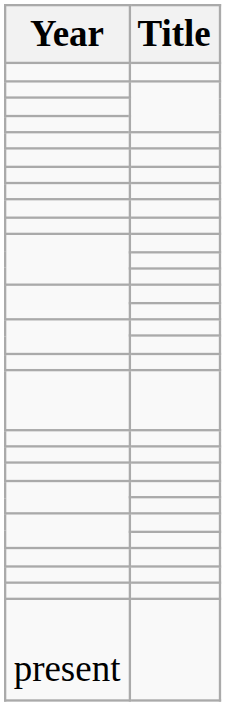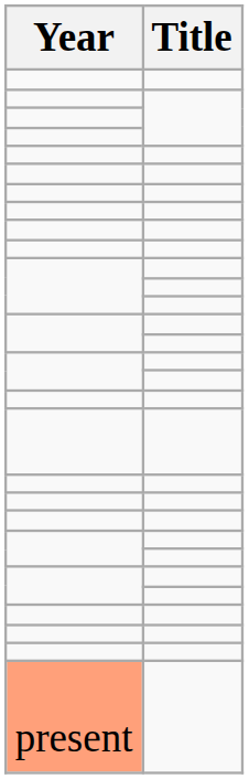 <table class="wikitable">
 <tr>
 <th>Year</th>
 <th>Title</th>
 </tr>
 <tr>
 <td></td>
 <td><em></em></td>
 </tr>
 <tr>
 <td></td>
 <td rowspan="3"><em></em></td>
 </tr>
 <tr>
 <td></td>
 </tr>
 <tr>
 <td></td>
 </tr>
 <tr>
 <td></td>
 <td><em></em></td>
 </tr>
 <tr>
 <td></td>
 <td><em></em></td>
 </tr>
 <tr>
 <td></td>
 <td><em></em></td>
 </tr>
 <tr>
 <td></td>
 <td><em></em></td>
 </tr>
 <tr>
 <td></td>
 <td><em></em></td>
 </tr>
 <tr>
 <td></td>
 <td><em></em></td>
 </tr>
 <tr>
 <td rowspan="3"></td>
 <td><em></em></td>
 </tr>
 <tr>
 <td><em></em></td>
 </tr>
 <tr>
 <td><em></em></td>
 </tr>
 <tr>
 <td rowspan="2"></td>
 <td><em></em></td>
 </tr>
 <tr>
 <td><em></em></td>
 </tr>
 <tr>
 <td rowspan="2"></td>
 <td><em></em></td>
 </tr>
 <tr>
 <td><em></em></td>
 </tr>
 <tr>
 <td></td>
 <td><em></em></td>
 </tr>
 <tr>
 <td><br></td>
 <td><em></em></td>
 </tr>
 <tr>
 <td></td>
 <td><em></em></td>
 </tr>
 <tr>
 <td></td>
 <td><em></em></td>
 </tr>
 <tr>
 <td></td>
 <td><em></em></td>
 </tr>
 <tr>
 <td rowspan="2"></td>
 <td><em></em></td>
 </tr>
 <tr>
 <td><em></em></td>
 </tr>
 <tr>
 <td rowspan="2"></td>
 <td><em></em></td>
 </tr>
 <tr>
 <td><em></em></td>
 </tr>
 <tr>
 <td></td>
 <td><em></em></td>
 </tr>
 <tr>
 <td></td>
 <td><em></em></td>
 </tr>
 <tr>
 <td></td>
 <td><em></em></td>
 </tr>
 <tr>
-<td><br>present</td>
+<td style="background: lightsalmon;"><br>present</td>
 <td><em></em></td>
 </tr>
 </table>
